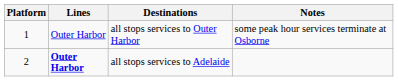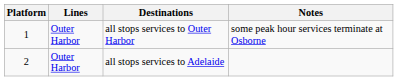 <table class="wikitable" style="float: none; margin: 0.5em; ">
 <tr>
 <th>Platform</th>
 <th>Lines</th>
 <th>Destinations</th>
 <th>Notes</th>
 </tr>
 <tr>
 <td rowspan="1" style="text-align:center;">1</td>
 <td style=background:#><a href='#'><span>Outer Harbor</span></a></td>
 <td>all stops services to <a href='#'>Outer Harbor</a></td>
 <td>some peak hour services terminate at <a href='#'>Osborne</a></td>
 </tr>
 <tr>
 <td rowspan="1" style="text-align:center;">2</td>
-<td style=background:#><strong><a href='#'><span>Outer Harbor</span></a></strong></td>
+<td style=background:#><a href='#'><span>Outer Harbor</span></a></td>
 <td>all stops services to <a href='#'>Adelaide</a></td>
 <td></td>
 </tr>
 </table>
